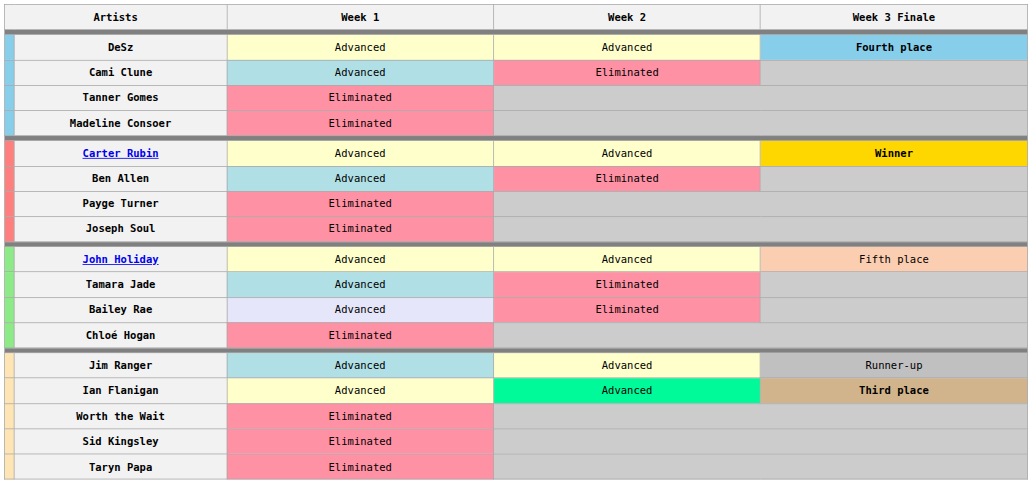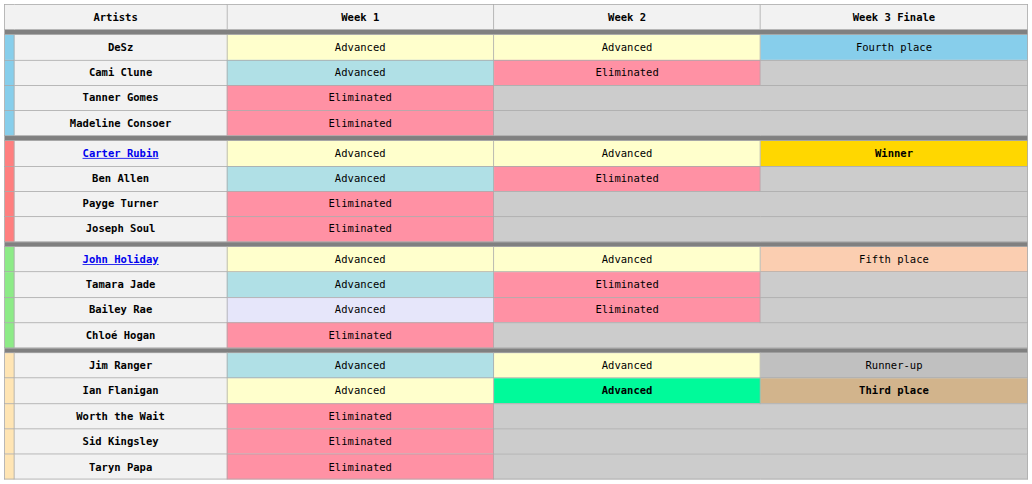 <table class="wikitable" style="text-align:center; line-height:25px; width:100%">
 <tr>
 <th colspan="2" width="20%">Artists</th>
 <th style="width:24%">Week 1</th>
 <th style="width:24%">Week 2</th>
 <th style="width:24%">Week 3 Finale</th>
 </tr>
 <tr>
 <th colspan="9" style="background:gray"></th>
 </tr>
 <tr>
 <th style="background:#87ceeb"></th>
 <th scope="row">DeSz</th>
 <td style="background:#FFFFCC">Advanced</td>
 <td style="background:#FFFFCC">Advanced</td>
-<td style="background:skyblue"><strong>Fourth place</strong></td>
+<td style="background:skyblue">Fourth place</td>
 </tr>
 <tr>
 <th style="background:#87ceeb"></th>
 <th scope="row">Cami Clune</th>
 <td style="background:#B0E0E6">Advanced</td>
 <td style="background:#FF91A4">Eliminated</td>
 <td colspan="1" style="background:#ccc"></td>
 </tr>
 <tr>
 <th style="background:#87ceeb"></th>
 <th scope="row">Tanner Gomes</th>
 <td style="background:#FF91A4">Eliminated</td>
 <td colspan="2" style="background:#ccc"></td>
 </tr>
 <tr>
 <th style="background:#87ceeb"></th>
 <th scope="row">Madeline Consoer</th>
 <td style="background:#FF91A4">Eliminated</td>
 <td colspan="2" style="background:#ccc"></td>
 </tr>
 <tr>
 <th colspan="9" style="background:gray"></th>
 </tr>
 <tr>
 <th style="background:#FF7F7F"></th>
 <th scope="row"><a href='#'>Carter Rubin</a></th>
 <td style="background:#FFFFCC">Advanced</td>
 <td style="background:#FFFFCC">Advanced</td>
 <td style="background:gold"><strong>Winner</strong></td>
 </tr>
 <tr>
 <th style="background:#FF7F7F"></th>
 <th scope="row">Ben Allen</th>
 <td style="background:#B0E0E6">Advanced</td>
 <td style="background:#FF91A4">Eliminated</td>
 <td colspan="1" style="background:#ccc"></td>
 </tr>
 <tr>
 <th style="background:#FF7F7F"></th>
 <th scope="row">Payge Turner</th>
 <td style="background:#FF91A4">Eliminated</td>
 <td colspan="2" style="background:#ccc"></td>
 </tr>
 <tr>
 <th style="background:#FF7F7F"></th>
 <th scope="row">Joseph Soul</th>
 <td style="background:#FF91A4">Eliminated</td>
 <td colspan="2" style="background:#ccc"></td>
 </tr>
 <tr>
 <th colspan="9" style="background:gray"></th>
 </tr>
 <tr>
 <th style="background:#8deb87"></th>
 <th scope="row"><a href='#'>John Holiday</a></th>
 <td style="background:#FFFFCC">Advanced</td>
 <td style="background:#FFFFCC">Advanced</td>
 <td style="background:#fbceb1">Fifth place</td>
 </tr>
 <tr>
 <th style="background:#8deb87"></th>
 <th scope="row">Tamara Jade</th>
 <td style="background:#B0E0E6">Advanced</td>
 <td style="background:#FF91A4">Eliminated</td>
 <td colspan="1" style="background:#ccc"></td>
 </tr>
 <tr>
 <th style="background:#8deb87"></th>
 <th scope="row">Bailey Rae</th>
 <td style="background:lavender">Advanced</td>
 <td style="background:#FF91A4">Eliminated</td>
 <td colspan="1" style="background:#ccc"></td>
 </tr>
 <tr>
 <th style="background:#8deb87"></th>
 <th scope="row">Chloé Hogan</th>
 <td style="background:#FF91A4">Eliminated</td>
 <td colspan="2" style="background:#ccc"></td>
 </tr>
 <tr>
 <th colspan="9" style="background:gray"></th>
 </tr>
 <tr>
 <th style="background:#ffe5b4"></th>
 <th scope="row">Jim Ranger</th>
 <td style="background:#B0E0E6">Advanced</td>
 <td style="background:#FFFFCC">Advanced</td>
 <td style="background:silver">Runner-up</td>
 </tr>
 <tr>
 <th style="background:#ffe5b4"></th>
 <th scope="row">Ian Flanigan</th>
 <td style="background:#FFFFCC">Advanced</td>
-<td style="background:#00FA9A">Advanced</td>
+<td style="background:#00FA9A"><strong>Advanced</strong></td>
 <td style="background:tan"><strong>Third place</strong></td>
 </tr>
 <tr>
 <th style="background:#ffe5b4"></th>
 <th scope="row">Worth the Wait</th>
 <td style="background:#FF91A4">Eliminated</td>
 <td colspan="2" style="background:#ccc"></td>
 </tr>
 <tr>
 <th style="background:#ffe5b4"></th>
 <th scope="row">Sid Kingsley</th>
 <td style="background:#FF91A4">Eliminated</td>
 <td colspan="2" style="background:#ccc"></td>
 </tr>
 <tr>
 <th style="background:#ffe5b4"></th>
 <th scope="row">Taryn Papa</th>
 <td style="background:#FF91A4">Eliminated</td>
 <td colspan="2" style="background:#ccc"></td>
 </tr>
 </table>
